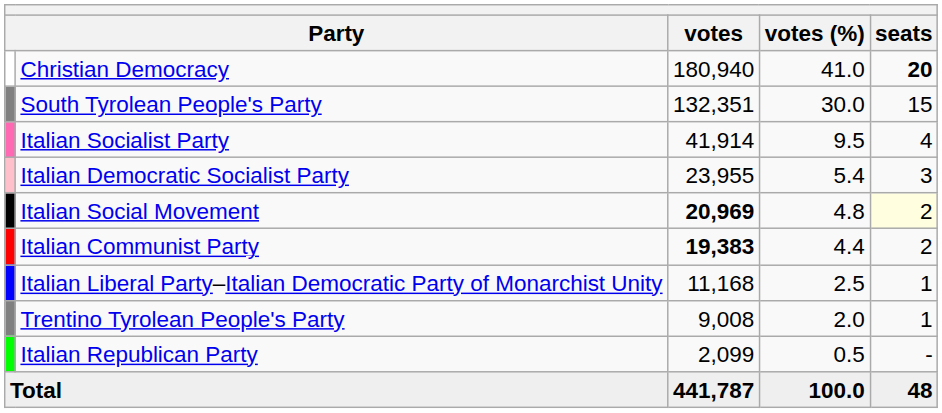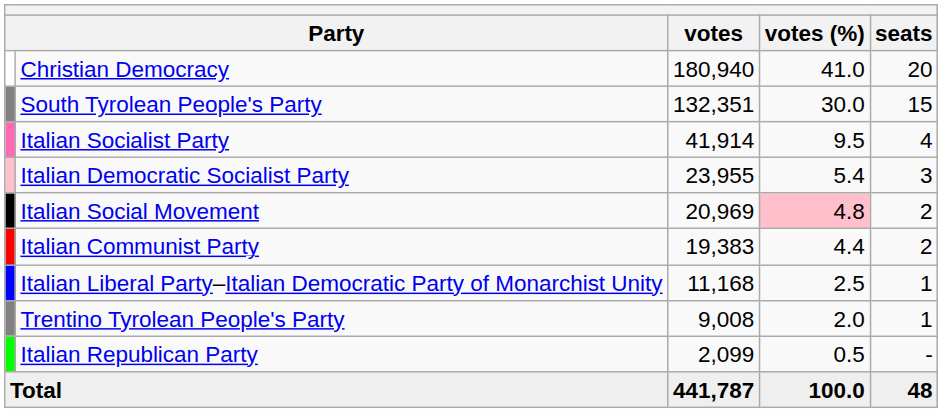 <table class="wikitable" style="font-size:95%; text-align:right;">
 <tr>
 <th colspan=5></th>
 </tr>
 <tr>
 <th colspan=2>Party</th>
 <th>votes</th>
 <th>votes (%)</th>
 <th>seats</th>
 </tr>
 <tr>
 <td bgcolor=White></td>
 <td align=left><a href='#'>Christian Democracy</a></td>
 <td>180,940</td>
 <td>41.0</td>
-<td><strong>20</strong></td>
+<td>20</td>
 </tr>
 <tr>
 <td bgcolor=Gray></td>
 <td align=left><a href='#'>South Tyrolean People's Party</a></td>
 <td>132,351</td>
 <td>30.0</td>
 <td>15</td>
 </tr>
 <tr>
 <td bgcolor=Hotpink></td>
 <td align=left><a href='#'>Italian Socialist Party</a></td>
 <td>41,914</td>
 <td>9.5</td>
 <td>4</td>
 </tr>
 <tr>
 <td bgcolor=Pink></td>
 <td align=left><a href='#'>Italian Democratic Socialist Party</a></td>
 <td>23,955</td>
 <td>5.4</td>
 <td>3</td>
 </tr>
 <tr>
 <td bgcolor=Black></td>
 <td align=left><a href='#'>Italian Social Movement</a></td>
-<td><strong>20,969</strong></td>
-<td>4.8</td>
-<td style="background: lightyellow;">2</td>
+<td>20,969</td>
+<td style="background: pink;">4.8</td>
+<td>2</td>
 </tr>
 <tr>
 <td bgcolor=Red></td>
 <td align=left><a href='#'>Italian Communist Party</a></td>
-<td><strong>19,383</strong></td>
+<td>19,383</td>
 <td>4.4</td>
 <td>2</td>
 </tr>
 <tr>
 <td bgcolor=Blue></td>
 <td align=left><a href='#'>Italian Liberal Party</a>–<a href='#'>Italian Democratic Party of Monarchist Unity</a></td>
 <td>11,168</td>
 <td>2.5</td>
 <td>1</td>
 </tr>
 <tr>
 <td bgcolor=Gray></td>
 <td align=left><a href='#'>Trentino Tyrolean People's Party</a></td>
 <td>9,008</td>
 <td>2.0</td>
 <td>1</td>
 </tr>
 <tr>
 <td bgcolor=Lime></td>
 <td align=left><a href='#'>Italian Republican Party</a></td>
 <td>2,099</td>
 <td>0.5</td>
 <td>-</td>
 </tr>
 <tr bgcolor="EFEFEF">
 <td align=left colspan=2><strong>Total</strong></td>
 <td><strong>441,787</strong></td>
 <td><strong>100.0</strong></td>
 <td><strong>48</strong></td>
 </tr>
 </table>
